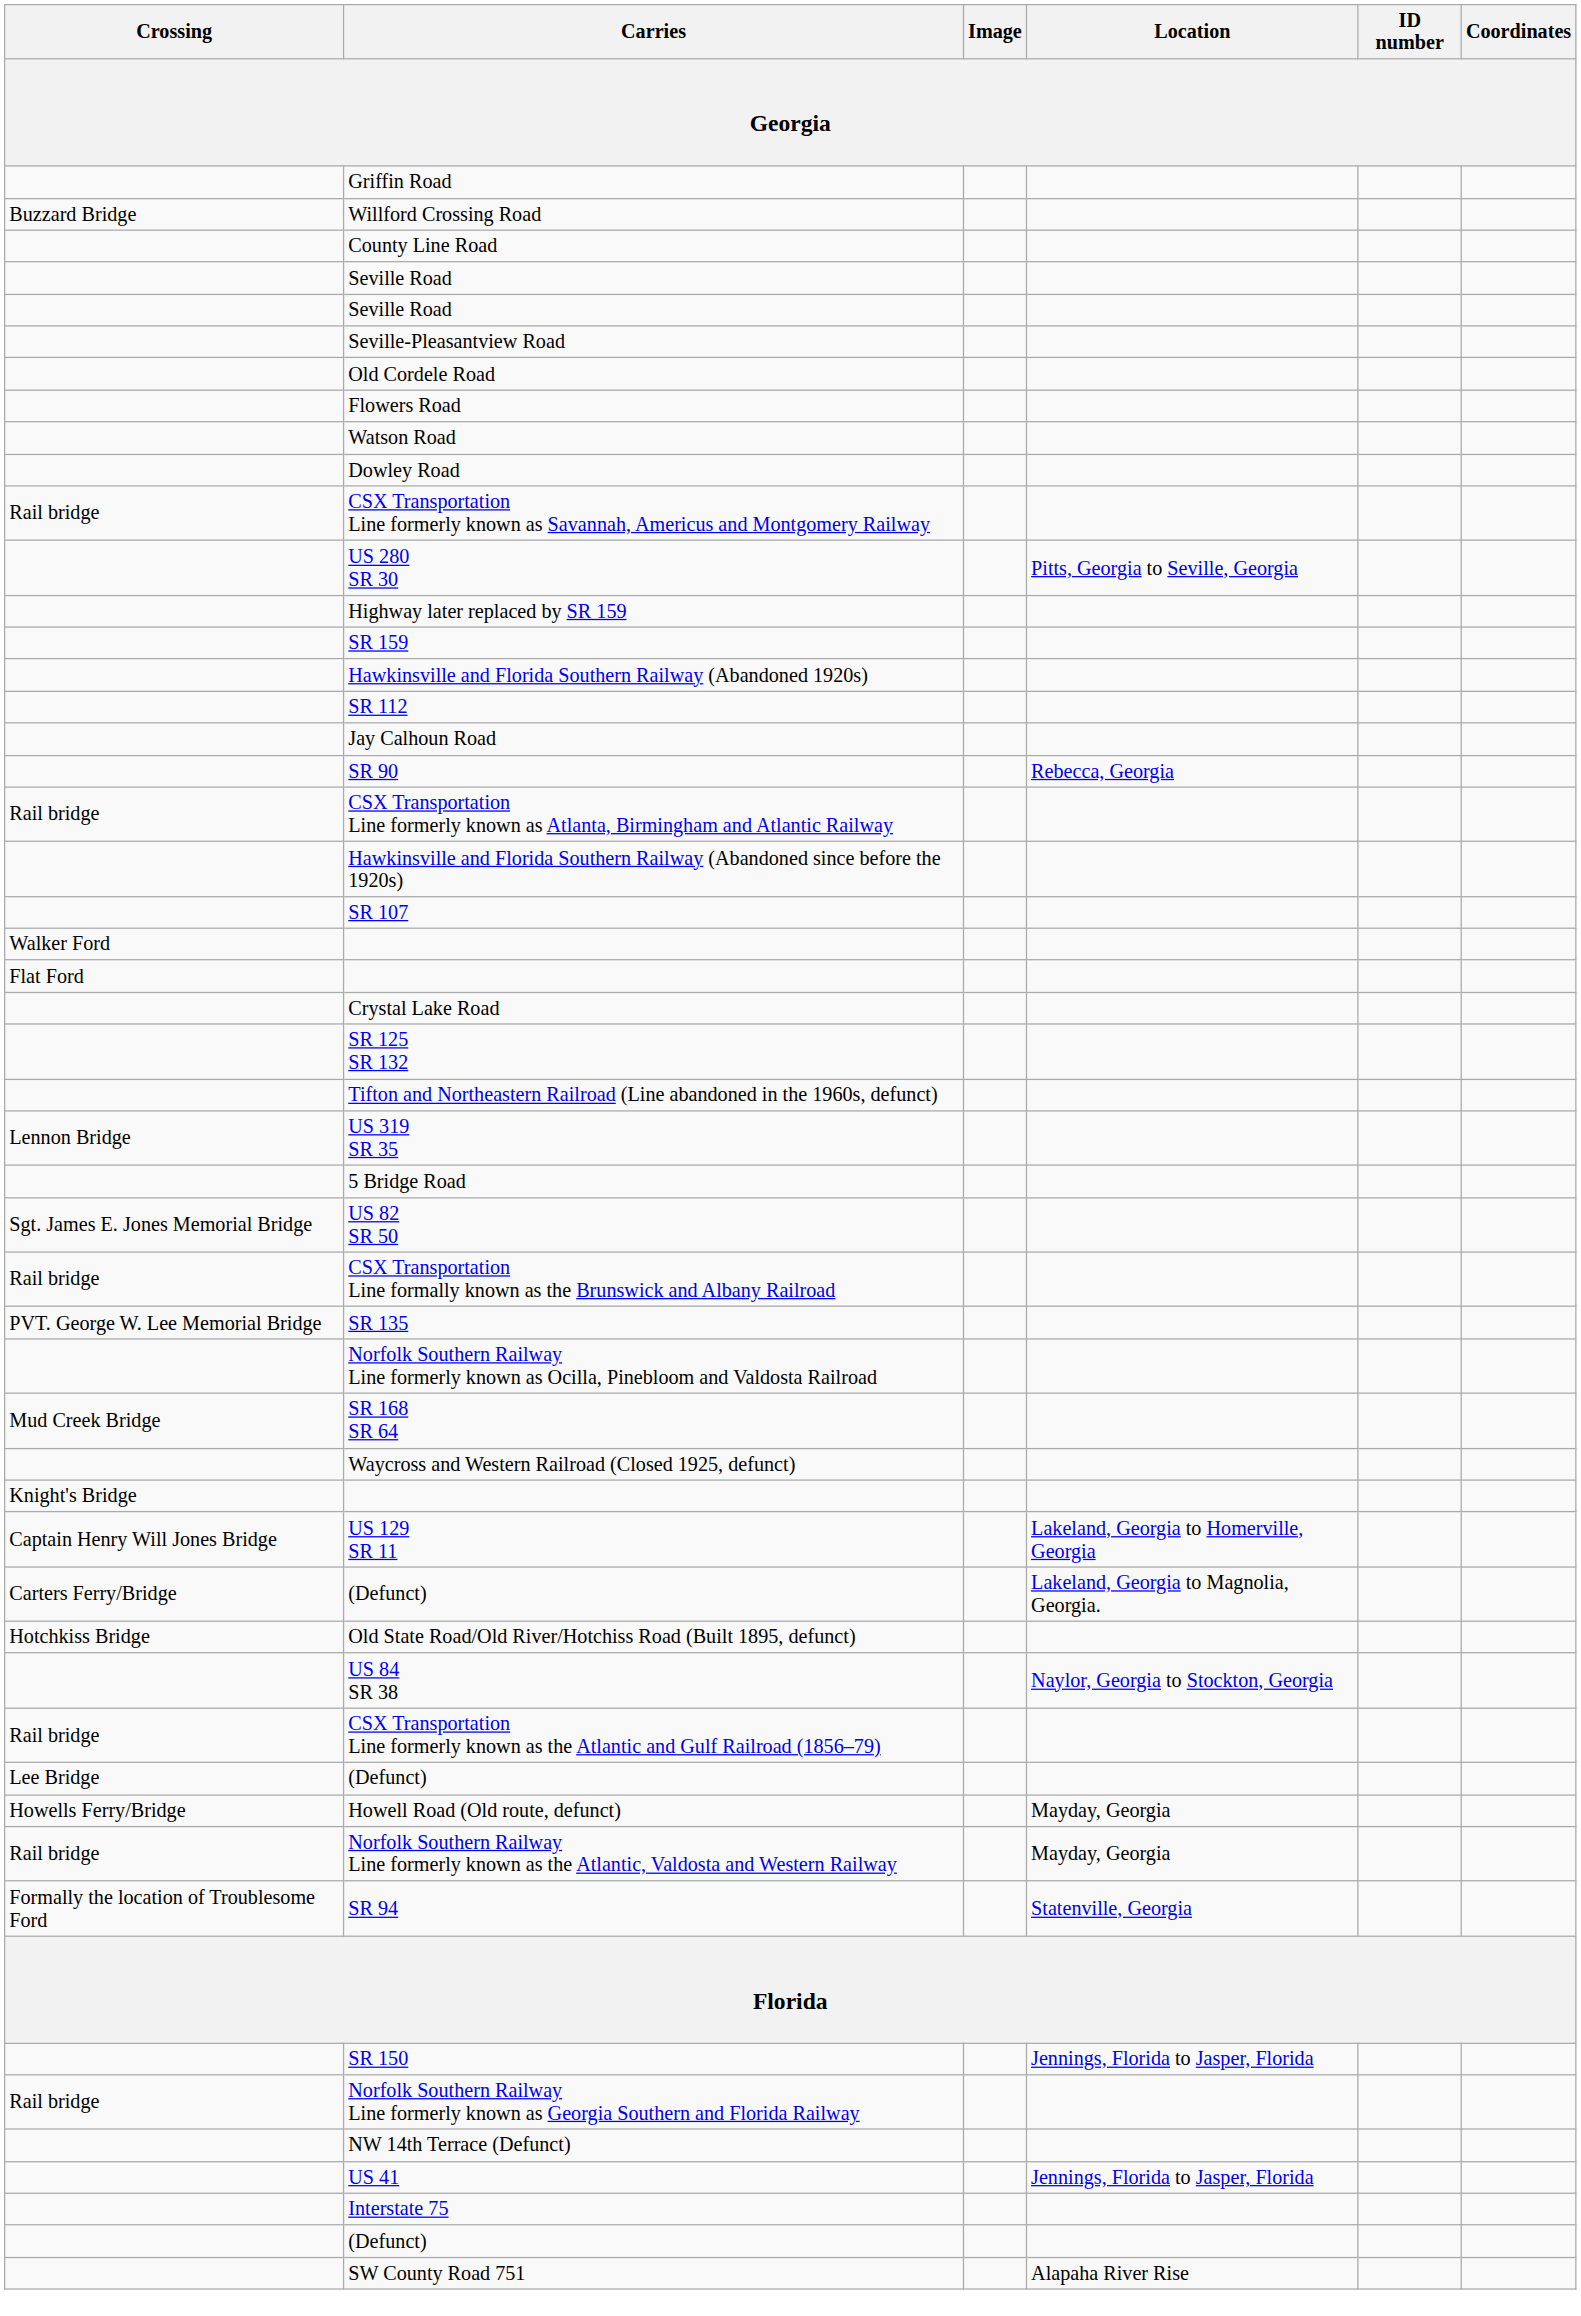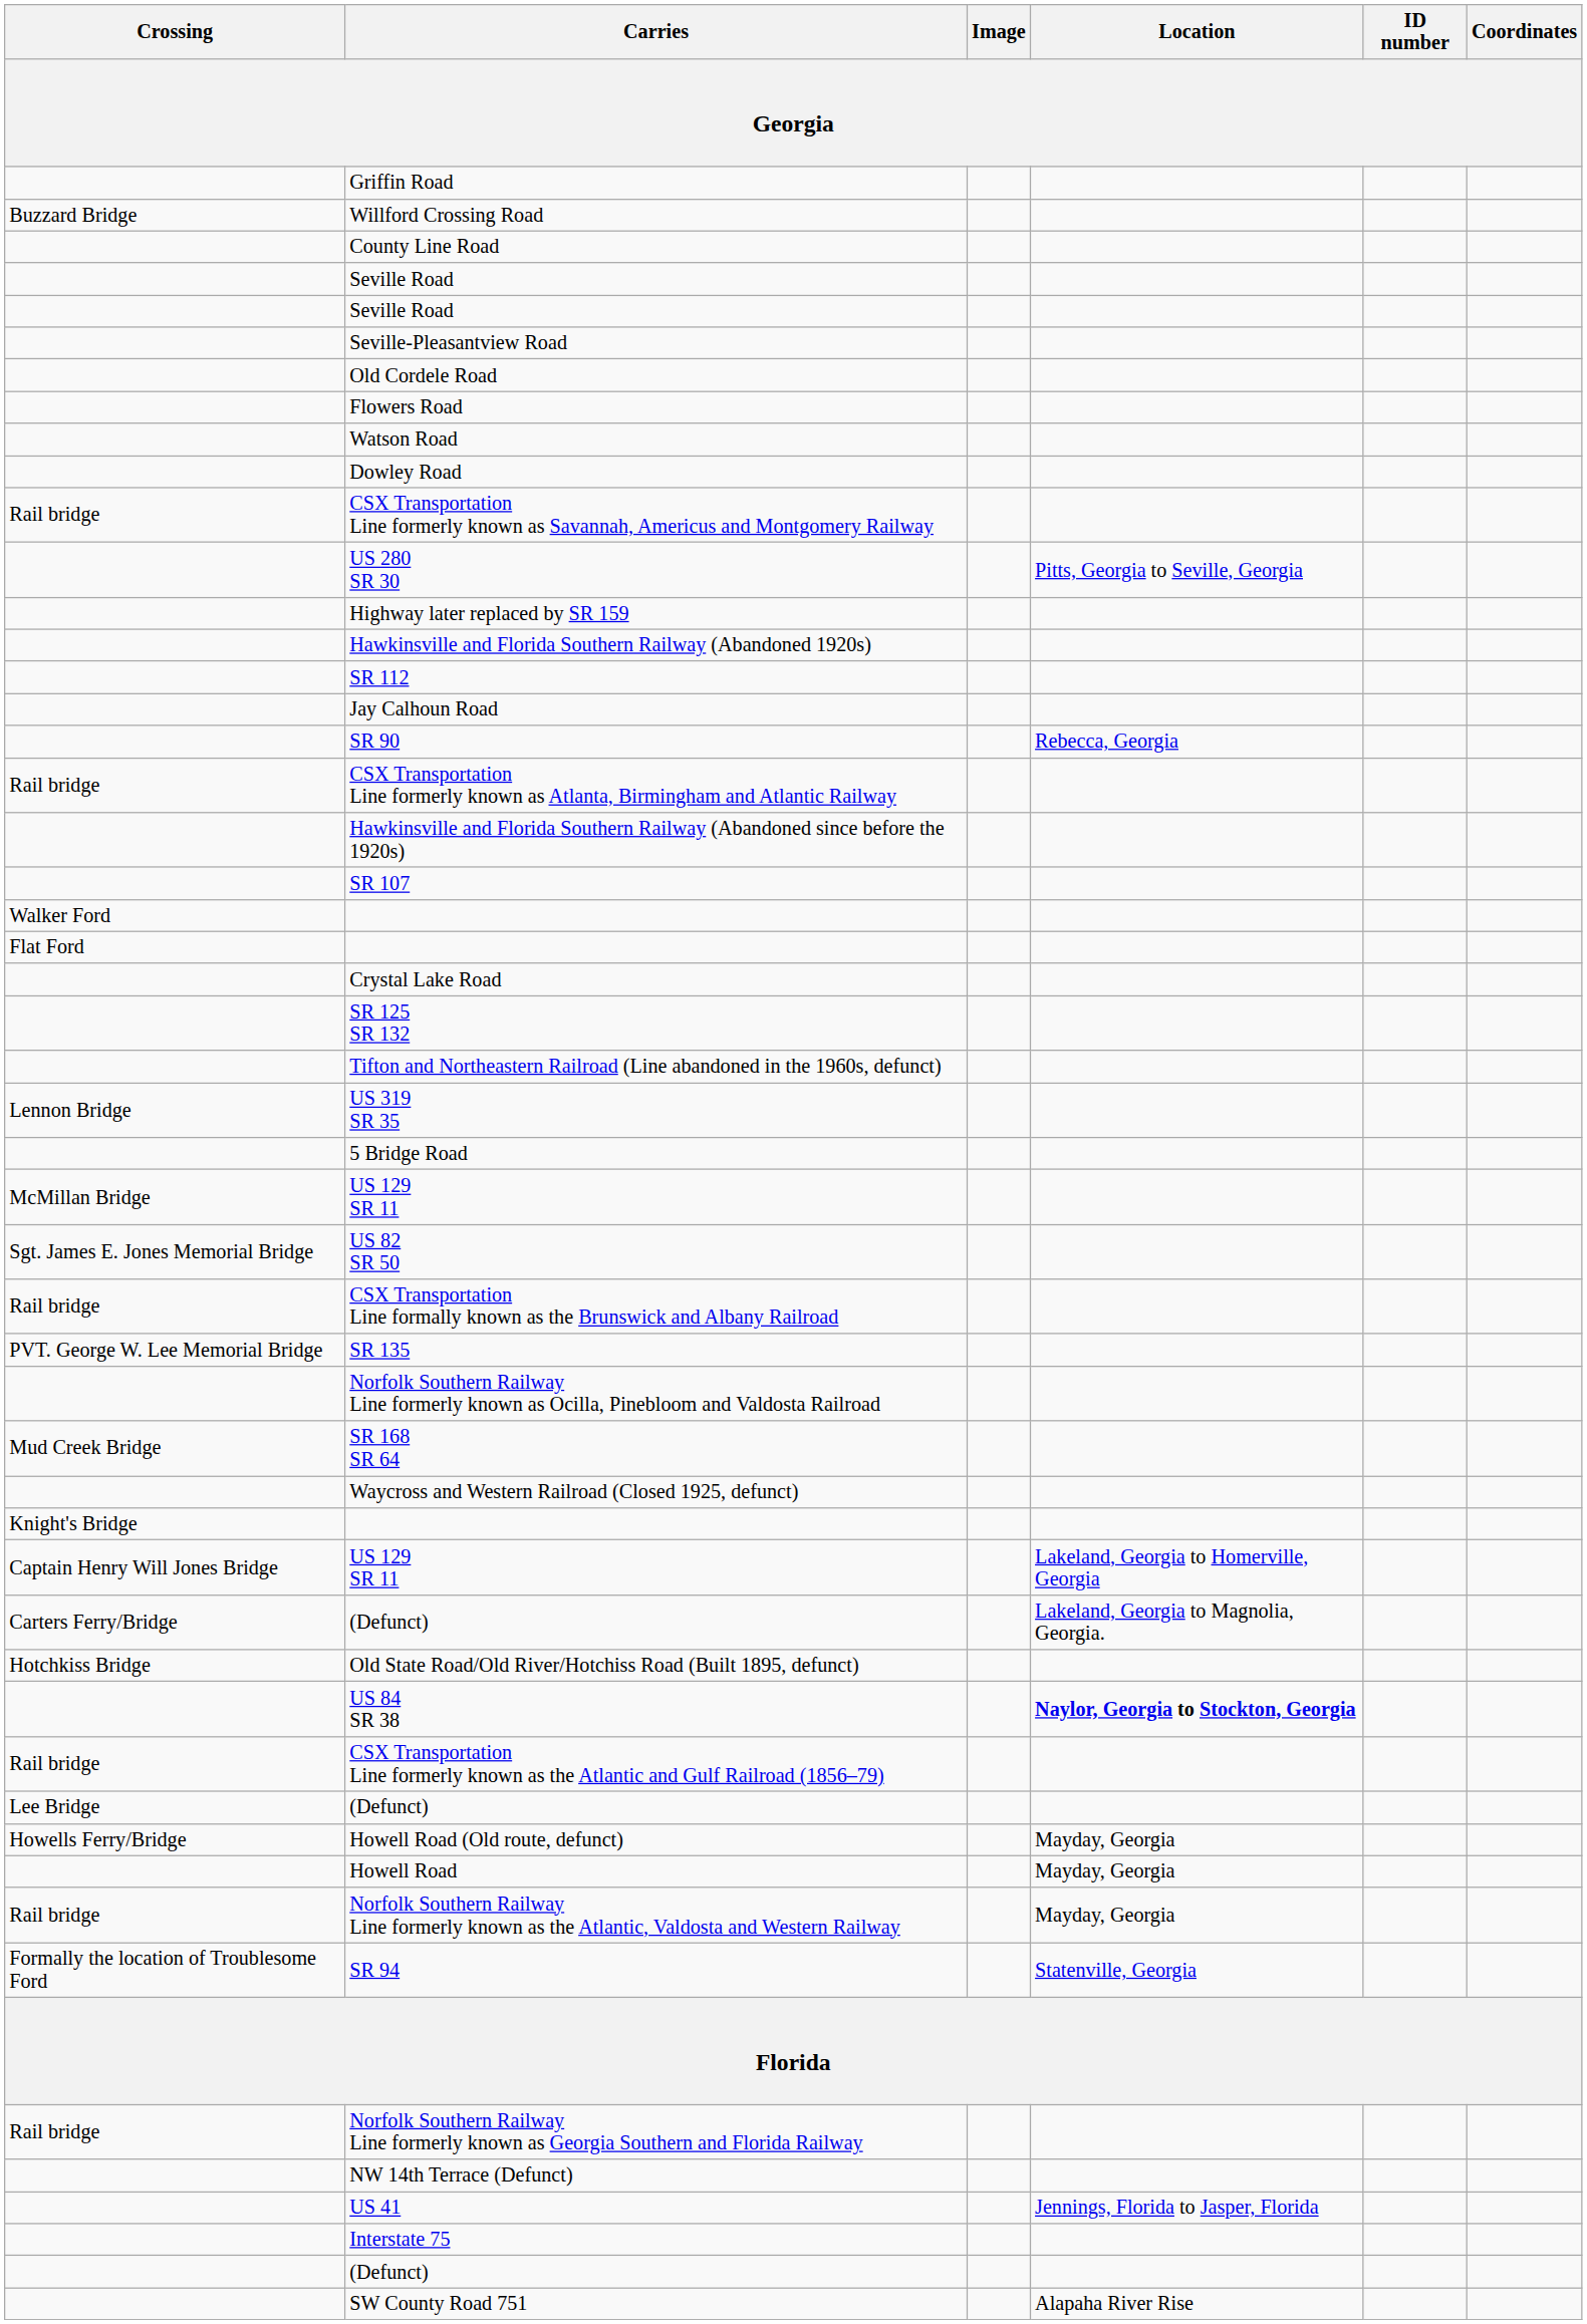 <table class=wikitable>
 <tr>
 <th>Crossing</th>
 <th>Carries</th>
 <th>Image</th>
 <th>Location</th>
 <th>ID number</th>
 <th>Coordinates</th>
 </tr>
 <tr>
 <th colspan=6><br><h3>Georgia</h3></th>
 </tr>
 <tr>
 <td></td>
 <td>Griffin Road</td>
 <td></td>
 <td></td>
 <td></td>
 <td></td>
 </tr>
 <tr>
 <td>Buzzard Bridge</td>
 <td>Willford Crossing Road</td>
 <td></td>
 <td></td>
 <td></td>
 <td></td>
 </tr>
 <tr>
 <td></td>
 <td>County Line Road</td>
 <td></td>
 <td></td>
 <td></td>
 <td></td>
 </tr>
 <tr>
 <td></td>
 <td>Seville Road</td>
 <td></td>
 <td></td>
 <td></td>
 <td></td>
 </tr>
 <tr>
 <td></td>
 <td>Seville Road</td>
 <td></td>
 <td></td>
 <td></td>
 <td></td>
 </tr>
 <tr>
 <td></td>
 <td>Seville-Pleasantview Road</td>
 <td></td>
 <td></td>
 <td></td>
 <td></td>
 </tr>
 <tr>
 <td></td>
 <td>Old Cordele Road</td>
 <td></td>
 <td></td>
 <td></td>
 <td></td>
 </tr>
 <tr>
 <td></td>
 <td>Flowers Road</td>
 <td></td>
 <td></td>
 <td></td>
 <td></td>
 </tr>
 <tr>
 <td></td>
 <td>Watson Road</td>
 <td></td>
 <td></td>
 <td></td>
 <td></td>
 </tr>
 <tr>
 <td></td>
 <td>Dowley Road</td>
 <td></td>
 <td></td>
 <td></td>
 <td></td>
 </tr>
 <tr>
 <td>Rail bridge</td>
 <td><a href='#'>CSX Transportation</a> <br>Line formerly known as <a href='#'>Savannah, Americus and Montgomery Railway</a></td>
 <td></td>
 <td></td>
 <td></td>
 <td></td>
 </tr>
 <tr>
 <td></td>
 <td><a href='#'>US 280</a> <br> <a href='#'>SR 30</a></td>
 <td></td>
 <td><a href='#'>Pitts, Georgia</a> to <a href='#'>Seville, Georgia</a></td>
 <td></td>
 <td></td>
 </tr>
 <tr>
 <td></td>
 <td>Highway later replaced by  <a href='#'>SR 159</a></td>
 <td></td>
 <td></td>
 <td></td>
 <td></td>
 </tr>
 <tr>
 <td></td>
-<td> <a href='#'>SR 159</a></td>
-<td></td>
-<td></td>
-<td></td>
-<td></td>
-</tr>
-<tr>
-<td></td>
 <td><a href='#'>Hawkinsville and Florida Southern Railway</a> (Abandoned 1920s)</td>
 <td></td>
 <td></td>
 <td></td>
 <td></td>
 </tr>
 <tr>
 <td></td>
 <td> <a href='#'>SR 112</a></td>
 <td></td>
 <td></td>
 <td></td>
 <td></td>
 </tr>
 <tr>
 <td></td>
 <td>Jay Calhoun Road</td>
 <td></td>
 <td></td>
 <td></td>
 <td></td>
 </tr>
 <tr>
 <td></td>
 <td> <a href='#'>SR 90</a></td>
 <td></td>
 <td><a href='#'>Rebecca, Georgia</a></td>
 <td></td>
 <td></td>
 </tr>
 <tr>
 <td>Rail bridge</td>
 <td><a href='#'>CSX Transportation</a> <br>Line formerly known as <a href='#'>Atlanta, Birmingham and Atlantic Railway</a></td>
 <td></td>
 <td></td>
 <td></td>
 <td></td>
 </tr>
 <tr>
 <td></td>
 <td><a href='#'>Hawkinsville and Florida Southern Railway</a> (Abandoned since before the 1920s)</td>
 <td></td>
 <td></td>
 <td></td>
 <td></td>
 </tr>
 <tr>
 <td></td>
 <td> <a href='#'>SR 107</a></td>
 <td></td>
 <td></td>
 <td></td>
 <td></td>
 </tr>
 <tr>
 <td>Walker Ford</td>
 <td></td>
 <td></td>
 <td></td>
 <td></td>
 <td></td>
 </tr>
 <tr>
 <td>Flat Ford</td>
 <td></td>
 <td></td>
 <td></td>
 <td></td>
 <td></td>
 </tr>
 <tr>
 <td></td>
 <td>Crystal Lake Road</td>
 <td></td>
 <td></td>
 <td></td>
 <td></td>
 </tr>
 <tr>
 <td></td>
 <td> <a href='#'>SR 125</a> <br> <a href='#'>SR 132</a></td>
 <td></td>
 <td></td>
 <td></td>
 <td></td>
 </tr>
 <tr>
 <td></td>
 <td><a href='#'>Tifton and Northeastern Railroad</a> (Line abandoned in the 1960s, defunct)</td>
 <td></td>
 <td></td>
 <td></td>
 <td></td>
 </tr>
 <tr>
 <td>Lennon Bridge</td>
 <td><a href='#'>US 319</a> <br> <a href='#'>SR 35</a></td>
 <td></td>
 <td></td>
 <td></td>
 <td></td>
 </tr>
 <tr>
 <td></td>
 <td>5 Bridge Road</td>
 <td></td>
 <td></td>
 <td></td>
 <td></td>
 </tr>
 <tr>
+<td>McMillan Bridge</td>
+<td><a href='#'>US 129</a> <br> <a href='#'>SR 11</a></td>
+<td></td>
+<td></td>
+<td></td>
+<td></td>
+</tr>
+<tr>
 <td>Sgt. James E. Jones Memorial Bridge</td>
 <td><a href='#'>US 82</a> <br> <a href='#'>SR 50</a></td>
 <td></td>
 <td></td>
 <td></td>
 <td></td>
 </tr>
 <tr>
 <td>Rail bridge</td>
 <td><a href='#'>CSX Transportation</a><br>Line formally known as the <a href='#'>Brunswick and Albany Railroad</a></td>
 <td></td>
 <td></td>
 <td></td>
 <td></td>
 </tr>
 <tr>
 <td>PVT. George W. Lee Memorial Bridge</td>
 <td> <a href='#'>SR 135</a></td>
 <td></td>
 <td></td>
 <td></td>
 <td></td>
 </tr>
 <tr>
 <td></td>
 <td><a href='#'>Norfolk Southern Railway</a><br>Line formerly known as Ocilla, Pinebloom and Valdosta Railroad</td>
 <td></td>
 <td></td>
 <td></td>
 <td></td>
 </tr>
 <tr>
 <td>Mud Creek Bridge</td>
 <td> <a href='#'>SR 168</a> <br> <a href='#'>SR 64</a></td>
 <td></td>
 <td></td>
 <td></td>
 <td></td>
 </tr>
 <tr>
 <td></td>
 <td>Waycross and Western Railroad (Closed 1925, defunct)</td>
 <td></td>
 <td></td>
 <td></td>
 <td></td>
 </tr>
 <tr>
 <td>Knight's Bridge</td>
 <td></td>
 <td></td>
 <td></td>
 <td></td>
 <td></td>
 </tr>
 <tr>
 <td>Captain Henry Will Jones Bridge</td>
 <td><a href='#'>US 129</a> <br> <a href='#'>SR 11</a></td>
 <td></td>
 <td><a href='#'>Lakeland, Georgia</a> to <a href='#'>Homerville, Georgia</a></td>
 <td></td>
 <td></td>
 </tr>
 <tr>
 <td>Carters Ferry/Bridge</td>
 <td>(Defunct)</td>
 <td></td>
 <td><a href='#'>Lakeland, Georgia</a> to Magnolia, Georgia.</td>
 <td></td>
 <td></td>
 </tr>
 <tr>
 <td>Hotchkiss Bridge</td>
 <td>Old State Road/Old River/Hotchiss Road (Built 1895, defunct)</td>
 <td></td>
 <td></td>
 <td></td>
 <td></td>
 </tr>
 <tr>
 <td></td>
 <td><a href='#'>US 84</a> <br> SR 38</td>
 <td></td>
-<td><a href='#'>Naylor, Georgia</a> to <a href='#'>Stockton, Georgia</a></td>
+<td><strong><a href='#'>Naylor, Georgia</a> to <a href='#'>Stockton, Georgia</a></strong></td>
 <td></td>
 <td></td>
 </tr>
 <tr>
 <td>Rail bridge</td>
 <td><a href='#'>CSX Transportation</a> <br>Line formerly known as the <a href='#'>Atlantic and Gulf Railroad (1856–79)</a></td>
 <td></td>
 <td></td>
 <td></td>
 <td></td>
 </tr>
 <tr>
 <td>Lee Bridge</td>
 <td>(Defunct)</td>
 <td></td>
 <td></td>
 <td></td>
 <td></td>
 </tr>
 <tr>
 <td>Howells Ferry/Bridge</td>
 <td>Howell Road (Old route, defunct)</td>
 <td></td>
 <td>Mayday, Georgia</td>
 <td></td>
 <td></td>
 </tr>
 <tr>
+<td></td>
+<td>Howell Road</td>
+<td></td>
+<td>Mayday, Georgia</td>
+<td></td>
+<td></td>
+</tr>
+<tr>
 <td>Rail bridge</td>
 <td><a href='#'>Norfolk Southern Railway</a><br>Line formerly known as the <a href='#'>Atlantic, Valdosta and Western Railway</a></td>
 <td></td>
 <td>Mayday, Georgia</td>
 <td></td>
 <td></td>
 </tr>
 <tr>
 <td>Formally the location of Troublesome Ford</td>
 <td> <a href='#'>SR 94</a></td>
 <td></td>
 <td><a href='#'>Statenville, Georgia</a></td>
 <td></td>
 <td></td>
 </tr>
 <tr>
 <th colspan=6><br><h3>Florida</h3></th>
-</tr>
-<tr>
-<td></td>
-<td> <a href='#'>SR 150</a></td>
-<td></td>
-<td><a href='#'>Jennings, Florida</a> to <a href='#'>Jasper, Florida</a></td>
-<td></td>
-<td></td>
 </tr>
 <tr>
 <td>Rail bridge</td>
 <td><a href='#'>Norfolk Southern Railway</a> <br>Line formerly known as <a href='#'>Georgia Southern and Florida Railway</a></td>
 <td></td>
 <td></td>
 <td></td>
 <td></td>
 </tr>
 <tr>
 <td></td>
 <td>NW 14th Terrace (Defunct)</td>
 <td></td>
 <td></td>
 <td></td>
 <td></td>
 </tr>
 <tr>
 <td></td>
 <td> <a href='#'>US 41</a></td>
 <td></td>
 <td><a href='#'>Jennings, Florida</a> to <a href='#'>Jasper, Florida</a></td>
 <td></td>
 <td></td>
 </tr>
 <tr>
 <td></td>
 <td> <a href='#'>Interstate 75</a></td>
 <td></td>
 <td></td>
 <td></td>
 <td></td>
 </tr>
 <tr>
 <td></td>
 <td>(Defunct)</td>
 <td></td>
 <td></td>
 <td></td>
 <td></td>
 </tr>
 <tr>
 <td></td>
 <td>SW County Road 751</td>
 <td></td>
 <td>Alapaha River Rise</td>
 <td></td>
 <td></td>
 </tr>
 </table>
